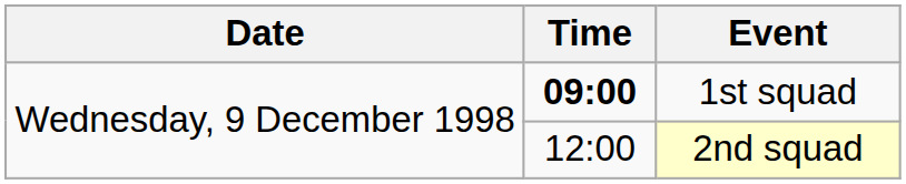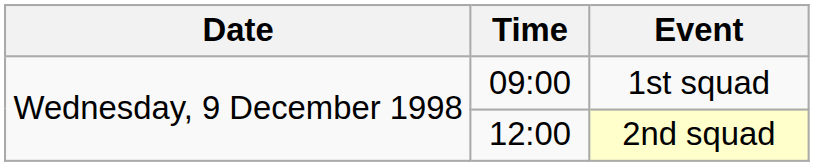 <table class = "wikitable" style="text-align:center;">
 <tr>
 <th width=220>Date</th>
 <th width=50>Time</th>
 <th width=100>Event</th>
 </tr>
 <tr>
 <td rowspan=2>Wednesday, 9 December 1998</td>
-<td><strong>09:00</strong></td>
+<td>09:00</td>
 <td>1st squad</td>
 </tr>
 <tr>
 <td>12:00</td>
 <td bgcolor=ffffcc>2nd squad</td>
 </tr>
 </table>
